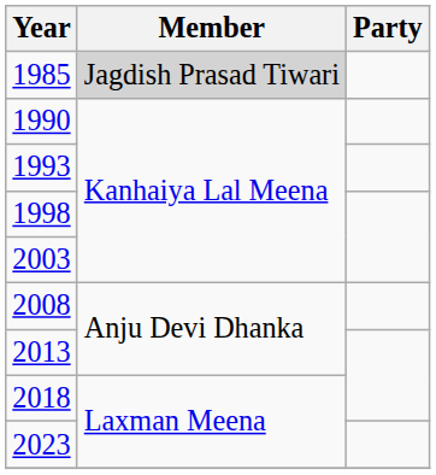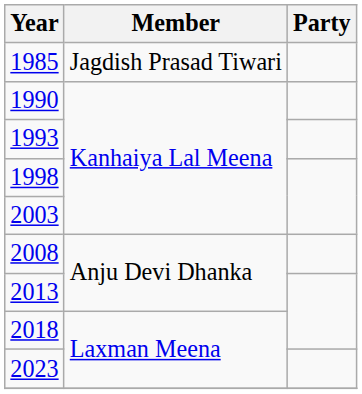 <table class="wikitable sortable">
 <tr>
 <th>Year</th>
 <th>Member</th>
 <th colspan="2">Party</th>
 </tr>
 <tr>
 <td><a href='#'>1985</a></td>
-<td style="background: lightgrey;">Jagdish Prasad Tiwari</td>
+<td>Jagdish Prasad Tiwari</td>
 <td></td>
 </tr>
 <tr>
 <td><a href='#'>1990</a></td>
 <td rowspan=4><a href='#'>Kanhaiya Lal Meena</a></td>
 <td></td>
 </tr>
 <tr>
 <td><a href='#'>1993</a></td>
 <td></td>
 </tr>
 <tr>
 <td><a href='#'>1998</a></td>
 </tr>
 <tr>
 <td><a href='#'>2003</a></td>
 </tr>
 <tr>
 <td><a href='#'>2008</a></td>
 <td rowspan=2>Anju Devi Dhanka</td>
 <td></td>
 </tr>
 <tr>
 <td><a href='#'>2013</a></td>
 </tr>
 <tr>
 <td><a href='#'>2018</a></td>
 <td rowspan=2><a href='#'>Laxman Meena</a></td>
 </tr>
 <tr>
 <td><a href='#'>2023</a></td>
 <td></td>
 </tr>
 <tr>
 </tr>
 </table>
